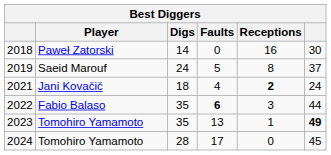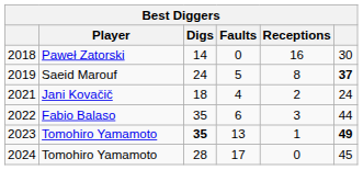 <table class="wikitable sortable" style=font-size:90%>
 <tr>
 <th colspan=7>Best Diggers</th>
 </tr>
 <tr>
 <th></th>
 <th width=158>Player</th>
 <th width=20>Digs</th>
 <th width=20>Faults</th>
 <th width=20>Receptions</th>
 <th width=20></th>
 </tr>
 <tr>
 <td>2018</td>
 <td> <a href='#'>Paweł Zatorski</a></td>
 <td align=center>14</td>
 <td align=center>0</td>
 <td align=center>16</td>
 <td align=center>30</td>
 </tr>
 <tr>
 <td>2019</td>
 <td> Saeid Marouf</td>
 <td align=center>24</td>
 <td align=center>5</td>
 <td align=center>8</td>
-<td align=center>37</td>
+<td align=center><strong>37</strong></td>
 </tr>
 <tr>
 <td>2021</td>
 <td> <a href='#'>Jani Kovačič</a></td>
 <td align=center>18</td>
 <td align=center>4</td>
-<td align=center><strong>2</strong></td>
+<td align=center>2</td>
 <td align=center>24</td>
 </tr>
 <tr>
 <td>2022</td>
 <td> <a href='#'>Fabio Balaso</a></td>
 <td align=center>35</td>
-<td align=center><strong>6</strong></td>
+<td align=center>6</td>
 <td align=center>3</td>
 <td align=center>44</td>
 </tr>
 <tr>
 <td>2023</td>
 <td> <a href='#'>Tomohiro Yamamoto</a></td>
-<td align=center>35</td>
+<td align=center><strong>35</strong></td>
 <td align=center>13</td>
 <td align=center>1</td>
 <td align=center><strong>49</strong></td>
 </tr>
 <tr>
 <td>2024</td>
 <td> Tomohiro Yamamoto</td>
 <td align=center>28</td>
 <td align=center>17</td>
 <td align=center>0</td>
 <td align=center>45</td>
 </tr>
 </table>
